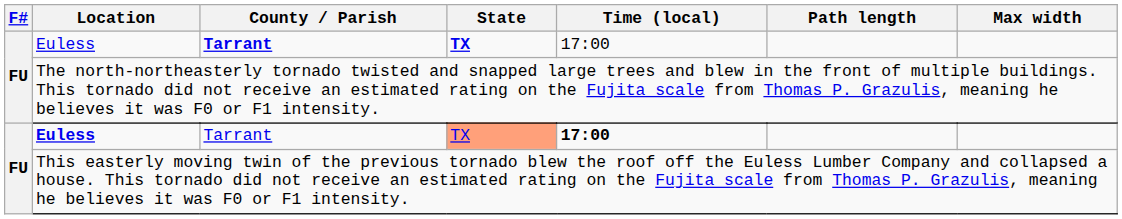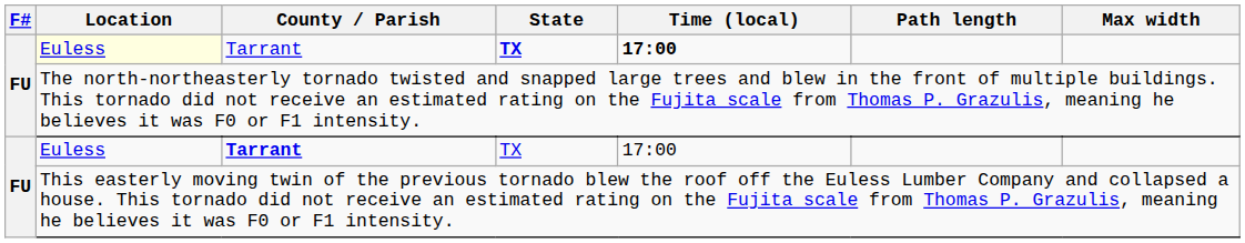 <table class="wikitable sortable" style="width:100%;">
 <tr>
 <th scope="col" align="center"><a href='#'>F#</a><br></th>
 <th scope="col" align="center" class="unsortable">Location</th>
 <th scope="col" align="center" class="unsortable">County / Parish</th>
 <th scope="col" align="center">State</th>
 <th scope="col" align="center">Time (local)</th>
 <th scope="col" align="center">Path length</th>
 <th scope="col" align="center">Max width</th>
 </tr>
 <tr>
 <th scope="row" rowspan="2" style="background-color:#">FU</th>
-<td><a href='#'>Euless</a></td>
-<td><strong><a href='#'>Tarrant</a></strong></td>
+<td style="background: lightyellow;"><a href='#'>Euless</a></td>
+<td><a href='#'>Tarrant</a></td>
 <td><strong><a href='#'>TX</a></strong></td>
-<td>17:00</td>
+<td><strong>17:00</strong></td>
 <td></td>
 <td></td>
 </tr>
 <tr class="expand-child">
 <td colspan="6" style=" border-bottom: 1px solid black;">The north-northeasterly tornado twisted and snapped large trees and blew in the front of multiple buildings. This tornado did not receive an estimated rating on the <a href='#'>Fujita scale</a> from <a href='#'>Thomas P. Grazulis</a>, meaning he believes it was F0 or F1 intensity.</td>
 </tr>
 <tr>
 <th scope="row" rowspan="2" style="background-color:#">FU</th>
-<td><strong><a href='#'>Euless</a></strong></td>
-<td><a href='#'>Tarrant</a></td>
-<td style="background: lightsalmon;"><a href='#'>TX</a></td>
-<td><strong>17:00</strong></td>
+<td><a href='#'>Euless</a></td>
+<td><strong><a href='#'>Tarrant</a></strong></td>
+<td><a href='#'>TX</a></td>
+<td>17:00</td>
 <td></td>
 <td></td>
 </tr>
 <tr class="expand-child">
 <td colspan="6" style=" border-bottom: 1px solid black;">This easterly moving twin of the previous tornado blew the roof off the Euless Lumber Company and collapsed a house. This tornado did not receive an estimated rating on the <a href='#'>Fujita scale</a> from <a href='#'>Thomas P. Grazulis</a>, meaning he believes it was F0 or F1 intensity.</td>
 </tr>
 </table>
